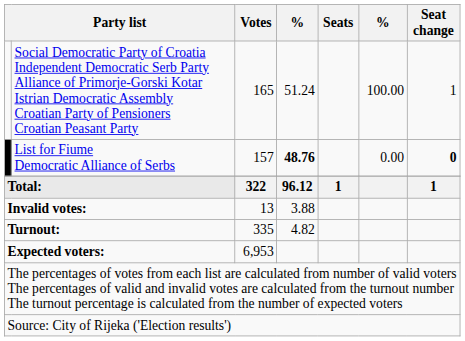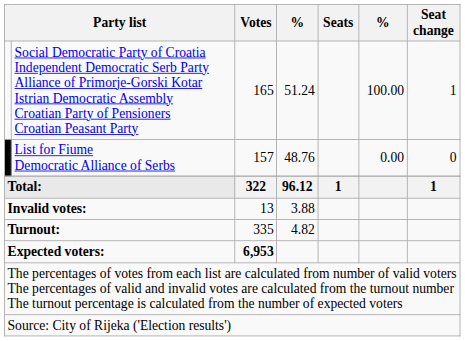 <table class="wikitable">
 <tr>
 <th colspan="2">Party list</th>
 <th>Votes</th>
 <th>%</th>
 <th>Seats</th>
 <th>%</th>
 <th>Seat<br>change</th>
 </tr>
 <tr>
 <td style="color:inherit;background:"></td>
 <td align="left"><a href='#'>Social Democratic Party of Croatia</a><br><a href='#'>Independent Democratic Serb Party</a><br><a href='#'>Alliance of Primorje-Gorski Kotar</a><br><a href='#'>Istrian Democratic Assembly</a><br><a href='#'>Croatian Party of Pensioners</a><br><a href='#'>Croatian Peasant Party</a></td>
 <td align="right">165</td>
 <td align="right">51.24</td>
 <td align="left"></td>
 <td align="right">100.00</td>
 <td align="right"> 1</td>
 </tr>
 <tr>
 <td bgcolor="{"></td>
 <td align="left"><a href='#'>List for Fiume</a><br><a href='#'>Democratic Alliance of Serbs</a></td>
 <td align="right">157</td>
-<td align="right"><strong>48.76</strong></td>
+<td align="right">48.76</td>
 <td align="left"></td>
 <td align="right">0.00</td>
-<td align="right"><strong> 0</strong></td>
+<td align="right"> 0</td>
 </tr>
 <tr>
 </tr>
 <tr style="background-color:#E9E9E9">
 <td colspan="2" align="left"><strong>Total:</strong></td>
 <th align="right">322</th>
 <th align="right">96.12</th>
 <th align="right">1</th>
 <th align="right"></th>
 <th align="right"> 1</th>
 </tr>
 <tr>
 <td colspan="2" align="left"><strong>Invalid votes:</strong></td>
 <td align="right">13</td>
 <td align="right">3.88</td>
 <td align="right"></td>
 <td align="right"></td>
 <td align="right"></td>
 </tr>
 <tr>
 <td colspan="2" align="left"><strong>Turnout:</strong></td>
 <td align="right">335</td>
 <td align="right">4.82</td>
 <td align="right"></td>
 <td align="right"></td>
 <td align="right"></td>
 </tr>
 <tr>
 <td colspan="2" align="left"><strong>Expected voters:</strong></td>
-<td align="right">6,953</td>
+<td align="right"><strong>6,953</strong></td>
 <td align="right"></td>
 <td align="right"></td>
 <td align="right"></td>
 <td align="right"></td>
 </tr>
 <tr>
 <td colspan="7"align="left">The percentages of votes from each list are calculated from number of valid voters<br>The percentages of valid and invalid votes are calculated from the turnout number<br> The turnout percentage is calculated from the number of expected voters</td>
 </tr>
 <tr>
 <td colspan="7" align="left">Source: City of Rijeka ('Election results')</td>
 </tr>
 </table>
